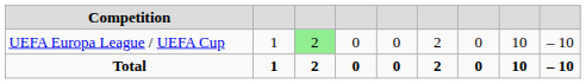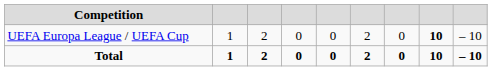 <table class="wikitable" style="text-align: center;">
 <tr>
 <th style="width:250px; background:#dcdcdc;">Competition</th>
 <th style="width:35px; background:#dcdcdc;"></th>
 <th style="width:35px; background:#dcdcdc;"></th>
 <th style="width:35px; background:#dcdcdc;"></th>
 <th style="width:35px; background:#dcdcdc;"></th>
 <th style="width:35px; background:#dcdcdc;"></th>
 <th style="width:35px; background:#dcdcdc;"></th>
 <th style="width:35px; background:#dcdcdc;"></th>
 <th style="width:35px; background:#dcdcdc;"></th>
 </tr>
 <tr>
 <td align=left><a href='#'>UEFA Europa League</a> / <a href='#'>UEFA Cup</a></td>
 <td>1</td>
-<td style="background: lightgreen;">2</td>
+<td>2</td>
 <td>0</td>
 <td>0</td>
 <td>2</td>
 <td>0</td>
-<td>10</td>
+<td><strong>10</strong></td>
 <td>– 10</td>
 </tr>
 <tr>
 <td><strong>Total</strong></td>
 <td><strong>1</strong></td>
 <td><strong>2</strong></td>
 <td><strong>0</strong></td>
 <td><strong>0</strong></td>
 <td><strong>2</strong></td>
 <td><strong>0</strong></td>
 <td><strong>10</strong></td>
 <td><strong>– 10</strong></td>
 </tr>
 </table>
